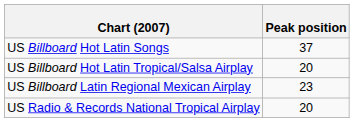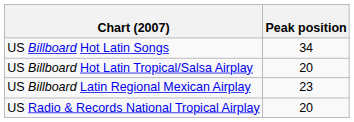 <table class="wikitable">
 <tr>
 <th><br>Chart (2007)</th>
 <th><br>Peak position</th>
 </tr>
 <tr>
 <td>US <em><a href='#'>Billboard</a></em> <a href='#'>Hot Latin Songs</a></td>
-<td align="center">37</td>
+<td align="center">34</td>
 </tr>
 <tr>
 <td>US <em>Billboard</em> <a href='#'>Hot Latin Tropical/Salsa Airplay</a></td>
 <td align="center">20</td>
 </tr>
 <tr>
 <td>US <em>Billboard</em> <a href='#'>Latin Regional Mexican Airplay</a></td>
 <td align="center">23</td>
 </tr>
 <tr>
 <td>US <a href='#'>Radio & Records National Tropical Airplay</a></td>
 <td align="center">20</td>
 </tr>
 </table>
